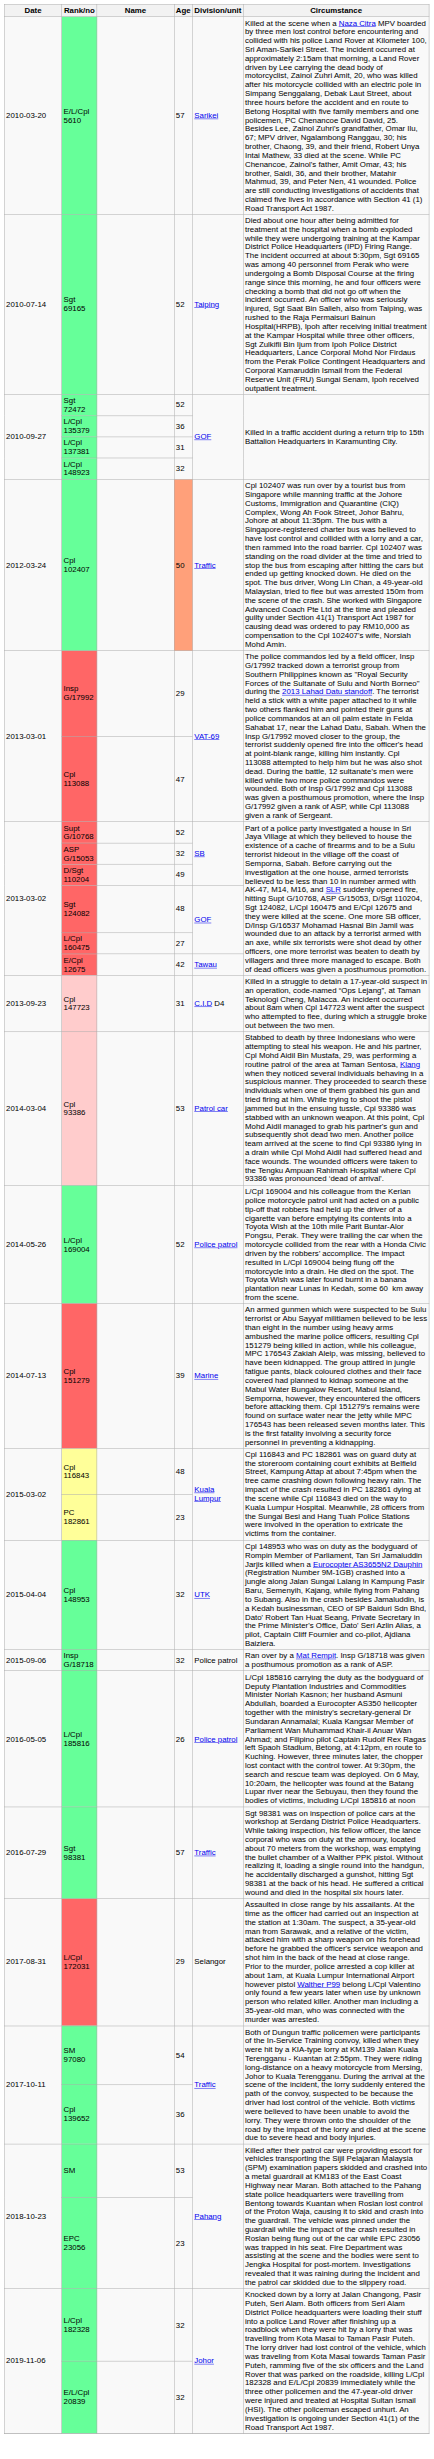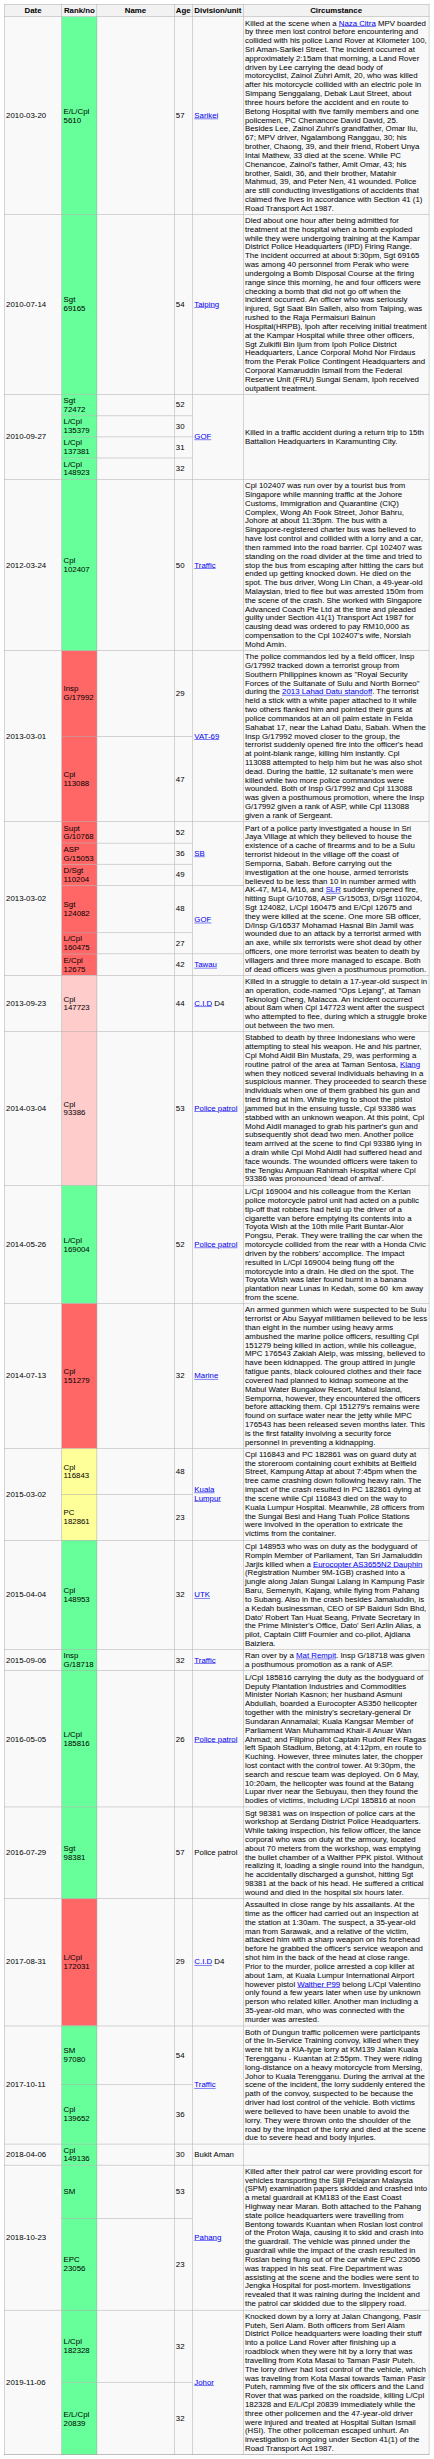 <table class="wikitable sortable">
 <tr>
 <th style="width:110px;">Date</th>
 <th>Rank/no</th>
 <th style="width:150px;">Name</th>
 <th>Age</th>
 <th>Division/unit</th>
 <th>Circumstance</th>
 </tr>
 <tr>
 <td>2010-03-20</td>
 <td style="background:#6f9;">E/L/Cpl 5610</td>
 <td></td>
 <td>57</td>
 <td><a href='#'>Sarikei</a></td>
 <td>Killed at the scene when a <a href='#'>Naza Citra</a> MPV boarded by three men lost control before encountering and collided with his police Land Rover at Kilometer 100, Sri Aman-Sarikei Street. The incident occurred at approximately 2:15am that morning, a Land Rover driven by Lee carrying the dead body of motorcyclist, Zainol Zuhri Amit, 20, who was killed after his motorcycle collided with an electric pole in Simpang Senggalang, Debak Laut Street, about three hours before the accident and en route to Betong Hospital with five family members and one policemen, PC Chenancoe David David, 25. Besides Lee, Zainol Zuhri's grandfather, Omar Ilu, 67; MPV driver, Ngalambong Ranggau, 30; his brother, Chaong, 39, and their friend, Robert Unya Intai Mathew, 33 died at the scene. While PC Chenancoe, Zainol's father, Amit Omar, 43; his brother, Saidi, 36, and their brother, Matahir Mahmud, 39, and Peter Nen, 41 wounded. Police are still conducting investigations of accidents that claimed five lives in accordance with Section 41 (1) Road Transport Act 1987.</td>
 </tr>
 <tr>
 <td>2010-07-14</td>
 <td style="background:#6f9;">Sgt 69165</td>
 <td></td>
-<td>52</td>
+<td>54</td>
 <td><a href='#'>Taiping</a></td>
 <td>Died about one hour after being admitted for treatment at the hospital when a bomb exploded while they were undergoing training at the Kampar District Police Headquarters (IPD) Firing Range. The incident occurred at about 5:30pm, Sgt 69165 was among 40 personnel from Perak who were undergoing a Bomb Disposal Course at the firing range since this morning, he and four officers were checking a bomb that did not go off when the incident occurred. An officer who was seriously injured, Sgt Saat Bin Salleh, also from Taiping, was rushed to the Raja Permaisuri Bainun Hospital(HRPB), Ipoh after receiving initial treatment at the Kampar Hospital while three other officers, Sgt Zulkifli Bin Ijum from Ipoh Police District Headquarters, Lance Corporal Mohd Nor Firdaus from the Perak Police Contingent Headquarters and Corporal Kamaruddin Ismail from the Federal Reserve Unit (FRU) Sungai Senam, Ipoh received outpatient treatment.</td>
 </tr>
 <tr>
 <td rowspan=4>2010-09-27</td>
 <td style="background:#6f9;">Sgt 72472</td>
 <td></td>
 <td>52</td>
 <td rowspan=4><a href='#'>GOF</a></td>
 <td rowspan=4>Killed in a traffic accident during a return trip to 15th Battalion Headquarters in Karamunting City.</td>
 </tr>
 <tr>
 <td style="background:#6f9;">L/Cpl 135379</td>
 <td></td>
-<td>36</td>
+<td>30</td>
 </tr>
 <tr>
 <td style="background:#6f9;">L/Cpl 137381</td>
 <td></td>
 <td>31</td>
 </tr>
 <tr>
 <td style="background:#6f9;">L/Cpl 148923</td>
 <td></td>
 <td>32</td>
 </tr>
 <tr>
 <td>2012-03-24</td>
 <td style="background:#6f9;">Cpl 102407</td>
 <td></td>
-<td style="background: lightsalmon;">50</td>
+<td>50</td>
 <td><a href='#'>Traffic</a></td>
 <td>Cpl 102407 was run over by a tourist bus from Singapore while manning traffic at the Johore Customs, Immigration and Quarantine (CIQ) Complex, Wong Ah Fook Street, Johor Bahru, Johore at about 11:35pm. The bus with a Singapore-registered charter bus was believed to have lost control and collided with a lorry and a car, then rammed into the road barrier. Cpl 102407 was standing on the road divider at the time and tried to stop the bus from escaping after hitting the cars but ended up getting knocked down. He died on the spot. The bus driver, Wong Lin Chan, a 49-year-old Malaysian, tried to flee but was arrested 150m from the scene of the crash. She worked with Singapore Advanced Coach Pte Ltd at the time and pleaded guilty under Section 41(1) Transport Act 1987 for causing dead was ordered to pay RM10,000 as compensation to the Cpl 102407's wife, Norsiah Mohd Amin.</td>
 </tr>
 <tr>
 <td rowspan=2>2013-03-01</td>
 <td style="background:#f66;">Insp G/17992</td>
 <td></td>
 <td>29</td>
 <td rowspan=2><a href='#'>VAT-69</a></td>
 <td rowspan="2">The police commandos led by a field officer, Insp G/17992 tracked down a terrorist group from Southern Philippines known as "Royal Security Forces of the Sultanate of Sulu and North Borneo" during the <a href='#'>2013 Lahad Datu standoff</a>. The terrorist held a stick with a white paper attached to it while two others flanked him and pointed their guns at police commandos at an oil palm estate in Felda Sahabat 17, near the Lahad Datu, Sabah. When the Insp G/17992 moved closer to the group, the terrorist suddenly opened fire into the officer's head at point-blank range, killing him instantly. Cpl 113088 attempted to help him but he was also shot dead. During the battle, 12 sultanate's men were killed while two more police commandos were wounded. Both of Insp G/17992 and Cpl 113088 was given a posthumous promotion, where the Insp G/17992 given a rank of ASP, while Cpl 113088 given a rank of Sergeant.</td>
 </tr>
 <tr>
 <td style="background:#f66;">Cpl 113088</td>
 <td></td>
 <td>47</td>
 </tr>
 <tr>
 <td rowspan=6>2013-03-02</td>
 <td style="background:#f66;">Supt G/10768</td>
 <td></td>
 <td>52</td>
 <td rowspan=3><a href='#'>SB</a></td>
 <td rowspan=6>Part of a police party investigated a house in Sri Jaya Village at  which they believed to house the existence of a cache of firearms and to be a Sulu terrorist hideout in the village off the coast of Semporna, Sabah. Before carrying out the investigation at the one house, armed terrorists believed to be less than 10 in number armed with AK-47, M14, M16, and <a href='#'>SLR</a> suddenly opened fire, hitting Supt G/10768, ASP G/15053, D/Sgt 110204, Sgt 124082, L/Cpl 160475 and E/Cpl 12675 and they were killed at the scene. One more SB officer, D/Insp G/16537 Mohamad Hasnal Bin Jamil was wounded due to an attack by a terrorist armed with an axe, while six terrorists were shot dead by other officers, one more terrorist was beaten to death by villagers and three more managed to escape. Both of dead officers was given a posthumous promotion.</td>
 </tr>
 <tr>
 <td style="background:#f66;">ASP G/15053</td>
 <td></td>
-<td>32</td>
+<td>36</td>
 </tr>
 <tr>
 <td style="background:#f66;">D/Sgt 110204</td>
 <td></td>
 <td>49</td>
 </tr>
 <tr>
 <td style="background:#f66;">Sgt 124082</td>
 <td></td>
 <td>48</td>
 <td rowspan=2><a href='#'>GOF</a></td>
 </tr>
 <tr>
 <td style="background:#f66;">L/Cpl 160475</td>
 <td></td>
 <td>27</td>
 </tr>
 <tr>
 <td style="background:#f66;">E/Cpl 12675</td>
 <td></td>
 <td>42</td>
 <td><a href='#'>Tawau</a></td>
 </tr>
 <tr>
 <td>2013-09-23</td>
 <td style="background:#fcc;">Cpl 147723</td>
 <td></td>
-<td>31</td>
+<td>44</td>
 <td><a href='#'>C.I.D</a> D4</td>
 <td>Killed in a struggle to detain a 17-year-old suspect in an operation, code-named “Ops Lejang”, at Taman Teknologi Cheng, Malacca. An incident occurred about 8am when Cpl 147723 went after the suspect who attempted to flee, during which a struggle broke out between the two men.</td>
 </tr>
 <tr>
 <td>2014-03-04</td>
 <td style="background:#fcc;">Cpl 93386</td>
 <td></td>
 <td>53</td>
-<td><a href='#'>Patrol car</a></td>
+<td><a href='#'>Police patrol</a></td>
 <td>Stabbed to death by three Indonesians who were attempting to steal his weapon. He and his partner, Cpl Mohd Aidil Bin Mustafa, 29, was performing a routine patrol of the area at Taman Sentosa, <a href='#'>Klang</a> when they noticed several individuals behaving in a suspicious manner. They proceeded to search these individuals when one of them grabbed his gun and tried firing at him. While trying to shoot the pistol jammed but in the ensuing tussle, Cpl 93386 was stabbed with an unknown weapon. At this point, Cpl Mohd Aidil managed to grab his partner's gun and subsequently shot dead two men. Another police team arrived at the scene to find Cpl 93386 lying in a drain while Cpl Mohd Aidil had suffered head and face wounds. The wounded officers were taken to the Tengku Ampuan Rahimah Hospital where Cpl 93386 was pronounced ‘dead of arrival’.</td>
 </tr>
 <tr>
 <td>2014-05-26</td>
 <td style="background:#6f9;">L/Cpl 169004</td>
 <td></td>
 <td>52</td>
 <td><a href='#'>Police patrol</a></td>
 <td>L/Cpl 169004 and his colleague from the Kerian police motorcycle patrol unit had acted on a public tip-off that robbers had held up the driver of a cigarette van before emptying its contents into a Toyota Wish at the 10th mile Parit Buntar-Alor Pongsu, Perak. They were trailing the car when the motorcycle collided from the rear with a Honda Civic driven by the robbers’ accomplice. The impact resulted in L/Cpl 169004 being flung off the motorcycle into a drain. He died on the spot. The Toyota Wish was later found burnt in a banana plantation near Lunas in Kedah, some 60  km away from the scene.</td>
 </tr>
 <tr>
 <td>2014-07-13</td>
 <td style="background:#f66;">Cpl 151279</td>
 <td></td>
-<td>39</td>
+<td>32</td>
 <td><a href='#'>Marine</a></td>
 <td>An armed gunmen which were suspected to be Sulu terrorist or Abu Sayyaf militiamen believed to be less than eight in the number using heavy arms ambushed the marine police officers, resulting Cpl 151279 being killed in action, while his colleague, MPC 176543 Zakiah Aleip, was missing, believed to have been kidnapped. The group attired in jungle fatigue pants, black coloured clothes and their face covered had planned to kidnap someone at the Mabul Water Bungalow Resort, Mabul Island, Semporna, however, they encountered the officers before attacking them. Cpl 151279's remains were found on surface water near the jetty while MPC 176543 has been released seven months later. This is the first fatality involving a security force personnel in preventing a kidnapping.</td>
 </tr>
 <tr>
 <td rowspan=2>2015-03-02</td>
 <td style="background:#ff9;">Cpl 116843</td>
 <td></td>
 <td>48</td>
 <td rowspan=2><a href='#'>Kuala Lumpur</a></td>
 <td rowspan=2>Cpl 116843 and PC 182861 was on guard duty at the storeroom containing court exhibits at Belfield Street, Kampung Attap at about 7:45pm when the tree came crashing down following heavy rain. The impact of the crash resulted in PC 182861 dying at the scene while Cpl 116843 died on the way to Kuala Lumpur Hospital. Meanwhile, 28 officers from the Sungai Besi and Hang Tuah Police Stations were involved in the operation to extricate the victims from the container.</td>
 </tr>
 <tr>
 <td style="background:#ff9;">PC 182861</td>
 <td></td>
 <td>23</td>
 </tr>
 <tr>
 <td>2015-04-04</td>
 <td style="background:#6f9;">Cpl 148953</td>
 <td></td>
 <td>32</td>
 <td><a href='#'>UTK</a></td>
 <td>Cpl 148953 who was on duty as the bodyguard of Rompin Member of Parliament, Tan Sri Jamaluddin Jarjis killed when a <a href='#'>Eurocopter AS3655N2 Dauphin</a> (Registration Number 9M-1GB) crashed into a jungle along Jalan Sungai Lalang in Kampung Pasir Baru, Semenyih, Kajang, while flying from Pahang to Subang. Also in the crash besides Jamaluddin, is a Kedah businessman, CEO of SP Baiduri Sdn Bhd, Dato' Robert Tan Huat Seang, Private Secretary in the Prime Minister's Office, Dato' Seri Azlin Alias, a pilot, Captain Cliff Fournier and co-pilot, Ajdiana Baiziera.</td>
 </tr>
 <tr>
 <td>2015-09-06</td>
 <td style="background:#6f9;">Insp G/18718</td>
 <td></td>
 <td>32</td>
-<td>Police patrol</td>
+<td><a href='#'>Traffic</a></td>
 <td>Ran over by a <a href='#'>Mat Rempit</a>. Insp G/18718 was given a posthumous promotion as a rank of ASP.</td>
 </tr>
 <tr>
 <td>2016-05-05</td>
 <td style="background:#6f9;">L/Cpl 185816</td>
 <td></td>
 <td>26</td>
 <td><a href='#'>Police patrol</a></td>
 <td>L/Cpl 185816 carrying the duty as the bodyguard of Deputy Plantation Industries and Commodities Minister Noriah Kasnon; her husband Asmuni Abdullah, boarded a Eurocopter AS350 helicopter together with the ministry's secretary-general Dr Sundaran Annamalai; Kuala Kangsar Member of Parliament Wan Muhammad Khair-il Anuar Wan Ahmad; and Filipino pilot Captain Rudolf Rex Ragas left Spaoh Stadium, Betong, at 4:12pm, en route to Kuching. However, three minutes later, the chopper lost contact with the control tower. At 9:30pm, the search and rescue team was deployed. On 6 May, 10:20am, the helicopter was found at the Batang Lupar river near the Sebuyau, then they found the bodies of victims, including L/Cpl 185816 at noon</td>
 </tr>
 <tr>
 <td>2016-07-29</td>
 <td style="background:#6f9;">Sgt 98381</td>
 <td></td>
 <td>57</td>
-<td><a href='#'>Traffic</a></td>
+<td>Police patrol</td>
 <td>Sgt 98381 was on inspection of police cars at the workshop at Serdang District Police Headquarters. While taking inspection, his fellow officer, the lance corporal who was on duty at the armoury, located about 70 meters from the workshop, was emptying the bullet chamber of a Walther PPK pistol. Without realizing it, loading a single round into the handgun, he accidentally discharged a gunshot, hitting Sgt 98381 at the back of his head. He suffered a critical wound and died in the hospital six hours later.</td>
 </tr>
 <tr>
 <td>2017-08-31</td>
 <td style="background:#f66;">L/Cpl 172031</td>
 <td></td>
 <td>29</td>
-<td>Selangor</td>
+<td><a href='#'>C.I.D</a> D4</td>
 <td>Assaulted in close range by his assailants. At the time as the officer had carried out an inspection at the station at 1:30am. The suspect, a 35-year-old man from Sarawak, and a relative of the victim, attacked him with a sharp weapon on his forehead before he grabbed the officer's service weapon and shot him in the back of the head at close range. Prior to the murder, police arrested a cop killer at about 1am, at Kuala Lumpur International Airport however pistol <a href='#'>Walther P99</a> belong L/Cpl Valentino only found a few years later when use by unknown person who related killer. Another man including a 35-year-old man, who was connected with the murder was arrested.</td>
 </tr>
 <tr>
 <td rowspan=2>2017-10-11</td>
 <td style="background:#6f9;">SM 97080</td>
 <td></td>
 <td>54</td>
 <td rowspan=2><a href='#'>Traffic</a></td>
 <td rowspan=2>Both of Dungun traffic policemen were participants of the In-Service Training convoy, killed when they were hit by a KIA-type lorry at KM139 Jalan Kuala Terengganu - Kuantan at 2:55pm. They were riding long-distance on a heavy motorcycle from Mersing, Johor to Kuala Terengganu. During the arrival at the scene of the incident, the lorry suddenly entered the path of the convoy, suspected to be because the driver had lost control of the vehicle. Both victims were believed to have been unable to avoid the lorry. They were thrown onto the shoulder of the road by the impact of the lorry and died at the scene due to severe head and body injuries.</td>
 </tr>
 <tr>
 <td style="background:#6f9;">Cpl 139652</td>
 <td></td>
 <td>36</td>
+</tr>
+<tr>
+<td>2018-04-06</td>
+<td style="background:#6f9;">Cpl 149136</td>
+<td></td>
+<td>30</td>
+<td>Bukit Aman</td>
+<td></td>
 </tr>
 <tr>
 <td rowspan=2>2018-10-23</td>
 <td style="background:#6f9;">SM</td>
 <td></td>
 <td>53</td>
 <td rowspan=2><a href='#'>Pahang</a></td>
 <td rowspan=2>Killed after their patrol car were providing escort for vehicles transporting the Sijil Pelajaran Malaysia (SPM) examination papers skidded and crashed into a metal guardrail at KM183 of the East Coast Highway near Maran. Both attached to the Pahang state police headquarters were travelling from Bentong towards Kuantan when Roslan lost control of the Proton Waja, causing it to skid and crash into the guardrail. The vehicle was pinned under the guardrail while the impact of the crash resulted in Roslan being flung out of the car while EPC 23056 was trapped in his seat. Fire Department was assisting at the scene and the bodies were sent to Jengka Hospital for post-mortem. Investigations revealed that it was raining during the incident and the patrol car skidded due to the slippery road.</td>
 </tr>
 <tr>
 <td style="background:#6f9;">EPC 23056</td>
 <td></td>
 <td>23</td>
 </tr>
 <tr>
 <td rowspan=2>2019-11-06</td>
 <td style="background:#6f9;">L/Cpl 182328</td>
 <td></td>
 <td>32</td>
 <td rowspan=2><a href='#'>Johor</a></td>
 <td rowspan=2>Knocked down by a lorry at Jalan Changong, Pasir Puteh, Seri Alam. Both officers from Seri Alam District Police headquarters were loading their stuff into a police Land Rover after finishing up a roadblock when they were hit by a lorry that was travelling from Kota Masai to Taman Pasir Puteh. The lorry driver had lost control of the vehicle, which was traveling from Kota Masai towards Taman Pasir Puteh, ramming five of the six officers and the Land Rover that was parked on the roadside, killing L/Cpl 182328 and E/L/Cpl 20839 immediately while the three other policemen and the 47-year-old driver were injured and treated at Hospital Sultan Ismail (HSI). The other policeman escaped unhurt. An investigation is ongoing under Section 41(1) of the Road Transport Act 1987.</td>
 </tr>
 <tr>
 <td style="background:#6f9;">E/L/Cpl 20839</td>
 <td></td>
 <td>32</td>
 </tr>
 <tr>
 </tr>
 </table>
